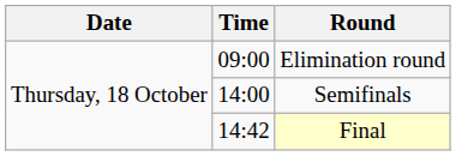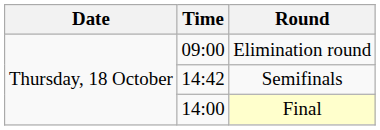 <table class = "wikitable" style="text-align:center;">
 <tr>
 <th>Date</th>
 <th>Time</th>
 <th>Round</th>
 </tr>
 <tr>
 <td rowspan=3>Thursday, 18 October</td>
 <td>09:00</td>
 <td>Elimination round</td>
 </tr>
 <tr>
-<td>14:00</td>
+<td>14:42</td>
 <td>Semifinals</td>
 </tr>
 <tr>
-<td>14:42</td>
+<td>14:00</td>
 <td bgcolor=ffffcc>Final</td>
 </tr>
 </table>
